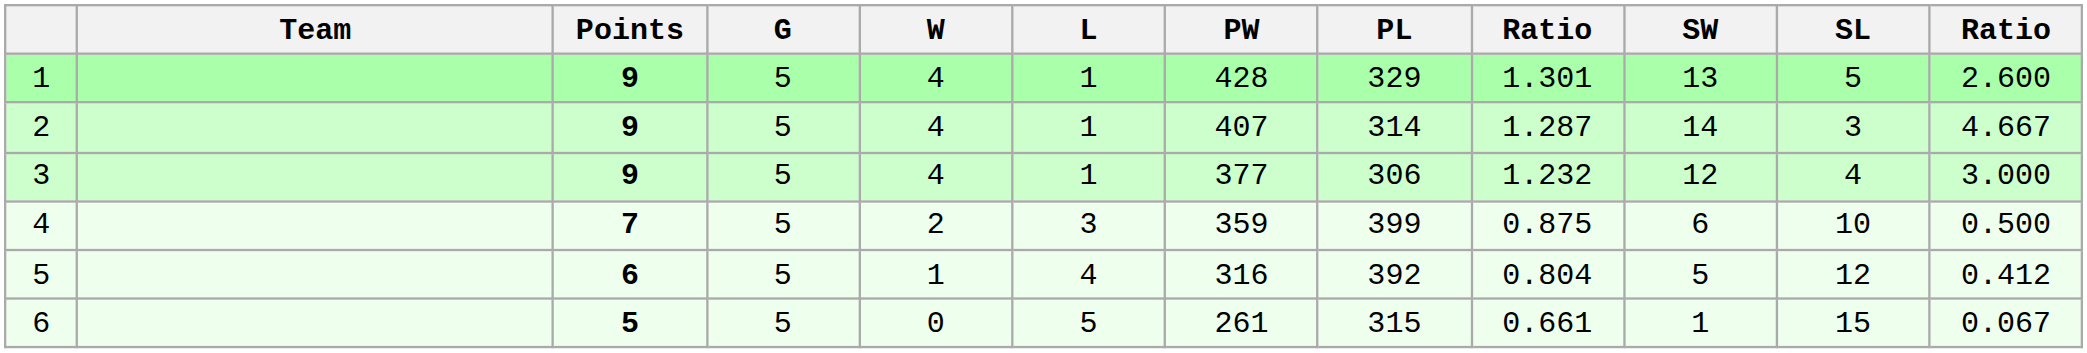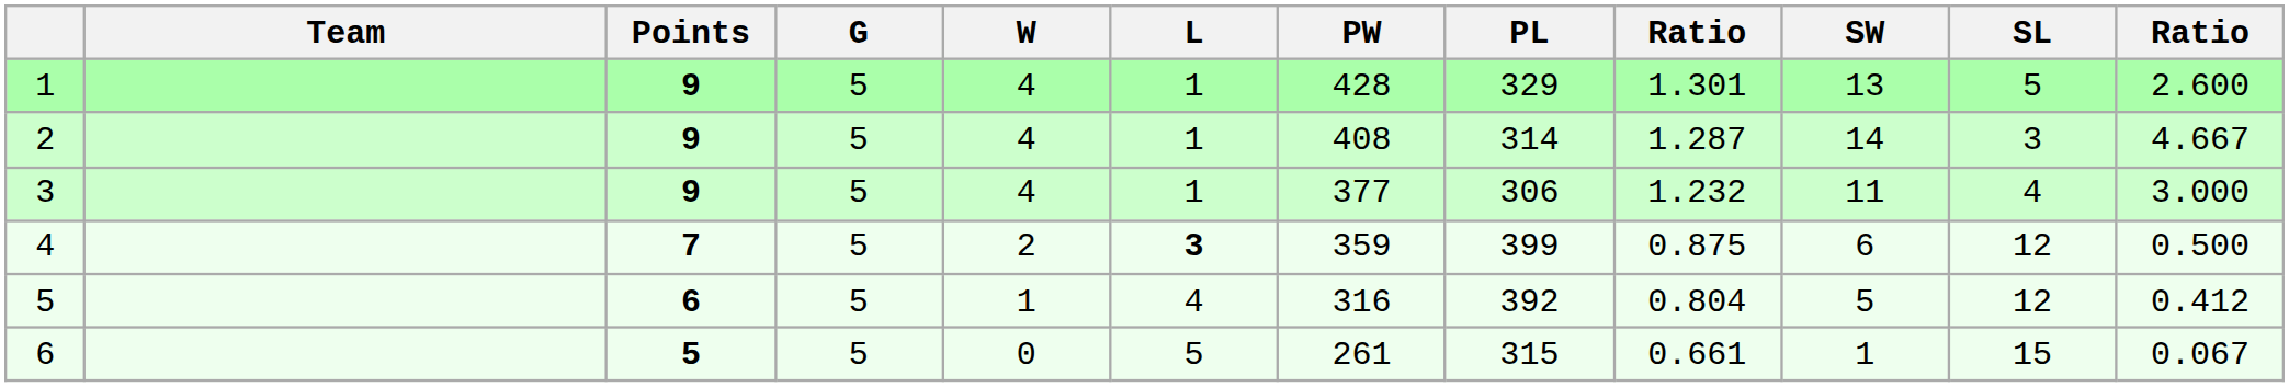 <table class=wikitable style="text-align:center">
 <tr style="background: #DCDCDC">
 <th width="25"></th>
 <th width="200">Team</th>
 <th width="60">Points</th>
 <th width="60">G</th>
 <th width="60">W</th>
 <th width="60">L</th>
 <th width="60">PW</th>
 <th width="60">PL</th>
 <th width="60">Ratio</th>
 <th width="60">SW</th>
 <th width="60">SL</th>
 <th width="60">Ratio</th>
 </tr>
 <tr style="background: #aaffaa">
 <td>1</td>
 <td align=left></td>
 <td><strong>9</strong></td>
 <td>5</td>
 <td>4</td>
 <td>1</td>
 <td>428</td>
 <td>329</td>
 <td>1.301</td>
 <td>13</td>
 <td>5</td>
 <td>2.600</td>
 </tr>
 <tr style="background: #ccffcc">
 <td>2</td>
 <td align=left></td>
 <td><strong>9</strong></td>
 <td>5</td>
 <td>4</td>
 <td>1</td>
-<td>407</td>
+<td>408</td>
 <td>314</td>
 <td>1.287</td>
 <td>14</td>
 <td>3</td>
 <td>4.667</td>
 </tr>
 <tr style="background: #ccffcc">
 <td>3</td>
 <td align=left></td>
 <td><strong>9</strong></td>
 <td>5</td>
 <td>4</td>
 <td>1</td>
 <td>377</td>
 <td>306</td>
 <td>1.232</td>
-<td>12</td>
+<td>11</td>
 <td>4</td>
 <td>3.000</td>
 </tr>
 <tr style="background: #eeffee">
 <td>4</td>
 <td align=left></td>
 <td><strong>7</strong></td>
 <td>5</td>
 <td>2</td>
-<td>3</td>
+<td><strong>3</strong></td>
 <td>359</td>
 <td>399</td>
 <td>0.875</td>
 <td>6</td>
-<td>10</td>
+<td>12</td>
 <td>0.500</td>
 </tr>
 <tr style="background: #eeffee">
 <td>5</td>
 <td align=left></td>
 <td><strong>6</strong></td>
 <td>5</td>
 <td>1</td>
 <td>4</td>
 <td>316</td>
 <td>392</td>
 <td>0.804</td>
 <td>5</td>
 <td>12</td>
 <td>0.412</td>
 </tr>
 <tr style="background: #eeffee">
 <td>6</td>
 <td align=left></td>
 <td><strong>5</strong></td>
 <td>5</td>
 <td>0</td>
 <td>5</td>
 <td>261</td>
 <td>315</td>
 <td>0.661</td>
 <td>1</td>
 <td>15</td>
 <td>0.067</td>
 </tr>
 </table>
